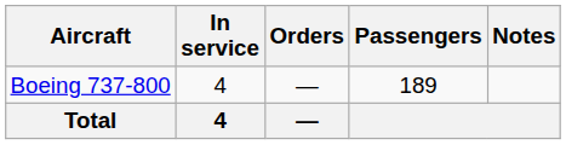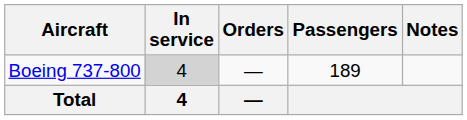 <table class="wikitable" style="margin:0.5em auto; text-align:center">
 <tr>
 <th>Aircraft</th>
 <th>In <br> service</th>
 <th>Orders</th>
 <th>Passengers</th>
 <th>Notes</th>
 </tr>
 <tr>
 <td><a href='#'>Boeing 737-800</a></td>
-<td>4</td>
+<td style="background: lightgrey;">4</td>
 <td>—</td>
 <td>189</td>
 <td></td>
 </tr>
 <tr>
 <th>Total</th>
 <th>4</th>
 <th>—</th>
 <th colspan=2></th>
 </tr>
 </table>
